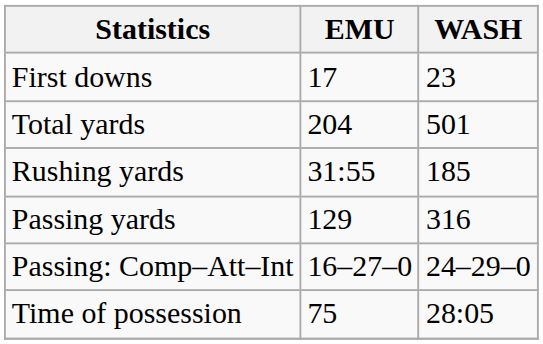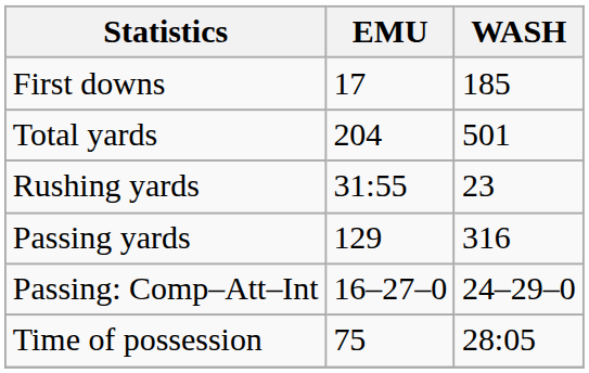 <table class="wikitable" style="float: left;">
 <tr>
 <th>Statistics</th>
 <th>EMU</th>
 <th>WASH</th>
 </tr>
 <tr>
 <td>First downs</td>
 <td>17</td>
-<td>23</td>
+<td>185</td>
 </tr>
 <tr>
 <td>Total yards</td>
 <td>204</td>
 <td>501</td>
 </tr>
 <tr>
 <td>Rushing yards</td>
 <td>31:55</td>
-<td>185</td>
+<td>23</td>
 </tr>
 <tr>
 <td>Passing yards</td>
 <td>129</td>
 <td>316</td>
 </tr>
 <tr>
 <td>Passing: Comp–Att–Int</td>
 <td>16–27–0</td>
 <td>24–29–0</td>
 </tr>
 <tr>
 <td>Time of possession</td>
 <td>75</td>
 <td>28:05</td>
 </tr>
 <tr>
 </tr>
 </table>
